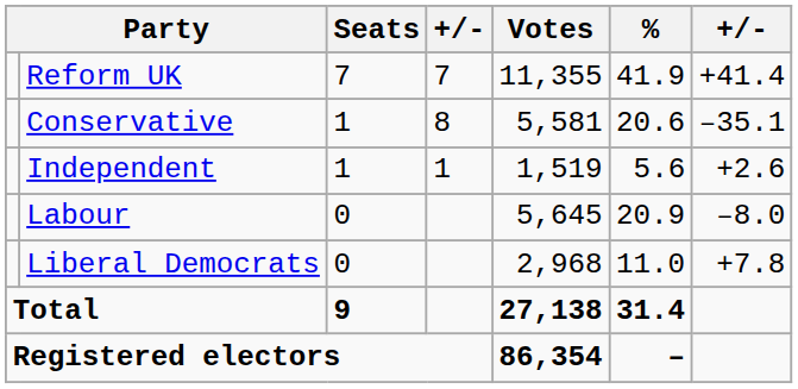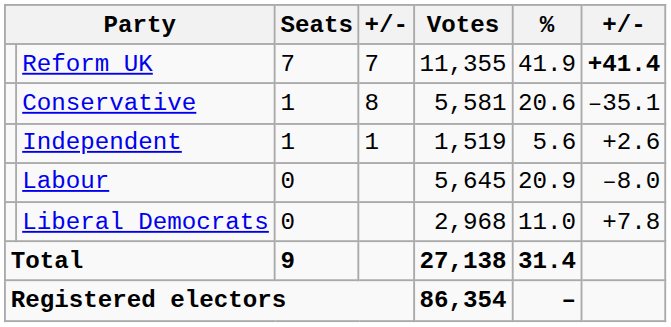 <table class="wikitable sortable">
 <tr>
 <th colspan="2">Party</th>
 <th>Seats</th>
 <th>+/-</th>
 <th>Votes</th>
 <th>%</th>
 <th>+/-</th>
 </tr>
 <tr>
 <td style="background-color: "></td>
 <td><a href='#'>Reform UK</a></td>
 <td>7</td>
 <td> 7</td>
 <td style="text-align:right;">11,355</td>
 <td style="text-align:right;">41.9</td>
-<td style="text-align:right;">+41.4</td>
+<td style="text-align:right;"><strong>+41.4</strong></td>
 </tr>
 <tr>
 <td style="background-color: "></td>
 <td><a href='#'>Conservative</a></td>
 <td>1</td>
 <td> 8</td>
 <td style="text-align:right;">5,581</td>
 <td style="text-align:right;">20.6</td>
 <td style="text-align:right;">–35.1</td>
 </tr>
 <tr>
 <td style="background-color: "></td>
 <td><a href='#'>Independent</a></td>
 <td>1</td>
 <td> 1</td>
 <td style="text-align:right;">1,519</td>
 <td style="text-align:right;">5.6</td>
 <td style="text-align:right;">+2.6</td>
 </tr>
 <tr>
 <td style="background-color: "></td>
 <td><a href='#'>Labour</a></td>
 <td>0</td>
 <td></td>
 <td style="text-align:right;">5,645</td>
 <td style="text-align:right;">20.9</td>
 <td style="text-align:right;">–8.0</td>
 </tr>
 <tr>
 <td style="background-color: "></td>
 <td><a href='#'>Liberal Democrats</a></td>
 <td>0</td>
 <td></td>
 <td style="text-align:right;">2,968</td>
 <td style="text-align:right;">11.0</td>
 <td style="text-align:right;">+7.8</td>
 </tr>
 <tr>
 <td colspan="2"><strong>Total</strong></td>
 <td><strong>9</strong></td>
 <td></td>
 <td style="text-align:right;"><strong>27,138</strong></td>
 <td style="text-align:right;"><strong>31.4</strong></td>
 <td style="text-align:right;"></td>
 </tr>
 <tr>
 <td colspan="4"><strong>Registered electors</strong></td>
 <td style="text-align:right;"><strong>86,354</strong></td>
 <td style="text-align:right;"><strong>–</strong></td>
 <td style="text-align:right;"></td>
 </tr>
 </table>
